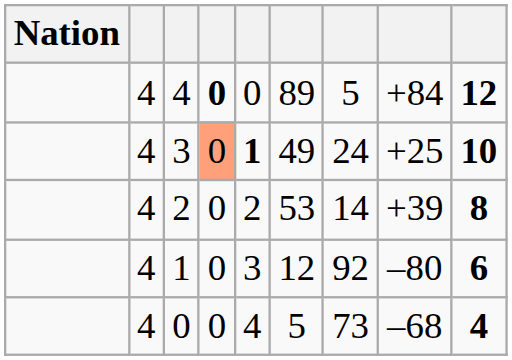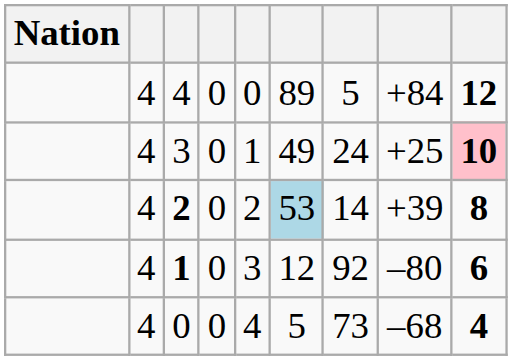 <table class="wikitable" style="text-align: center;">
 <tr>
 <th>Nation</th>
 <th></th>
 <th></th>
 <th></th>
 <th></th>
 <th></th>
 <th></th>
 <th></th>
 <th></th>
 </tr>
 <tr>
 <td align="left"></td>
 <td>4</td>
 <td>4</td>
-<td><strong>0</strong></td>
+<td>0</td>
 <td>0</td>
 <td>89</td>
 <td>5</td>
 <td>+84</td>
 <td><strong>12</strong></td>
 </tr>
 <tr>
 <td align="left"></td>
 <td>4</td>
 <td>3</td>
-<td style="background: lightsalmon;">0</td>
-<td><strong>1</strong></td>
+<td>0</td>
+<td>1</td>
 <td>49</td>
 <td>24</td>
 <td>+25</td>
-<td><strong>10</strong></td>
+<td style="background: pink;"><strong>10</strong></td>
 </tr>
 <tr>
 <td align="left"></td>
 <td>4</td>
-<td>2</td>
+<td><strong>2</strong></td>
 <td>0</td>
 <td>2</td>
-<td>53</td>
+<td style="background: lightblue;">53</td>
 <td>14</td>
 <td>+39</td>
 <td><strong>8</strong></td>
 </tr>
 <tr>
 <td align="left"></td>
 <td>4</td>
-<td>1</td>
+<td><strong>1</strong></td>
 <td>0</td>
 <td>3</td>
 <td>12</td>
 <td>92</td>
 <td>–80</td>
 <td><strong>6</strong></td>
 </tr>
 <tr>
 <td align="left"></td>
 <td>4</td>
 <td>0</td>
 <td>0</td>
 <td>4</td>
 <td>5</td>
 <td>73</td>
 <td>–68</td>
 <td><strong>4</strong></td>
 </tr>
 </table>
